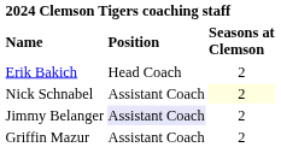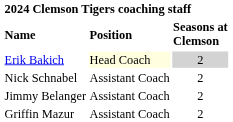 <table class="toccolours" style="text-align: left; font-size:90%;">
 <tr>
 <th colspan="9">2024 Clemson Tigers coaching staff</th>
 </tr>
 <tr>
 <th>Name</th>
 <th>Position</th>
 <th>Seasons at<br>Clemson</th>
 </tr>
 <tr>
 <td><a href='#'>Erik Bakich</a></td>
-<td>Head Coach</td>
-<td align=center>2</td>
+<td style="background: lightyellow;">Head Coach</td>
+<td align=center style="background: lightgrey;">2</td>
 </tr>
 <tr>
 <td>Nick Schnabel</td>
 <td>Assistant Coach</td>
-<td align=center style="background: lightyellow;">2</td>
+<td align=center>2</td>
 </tr>
 <tr>
 <td>Jimmy Belanger</td>
-<td style="background: lavender;">Assistant Coach</td>
+<td>Assistant Coach</td>
 <td align=center>2</td>
 </tr>
 <tr>
 <td>Griffin Mazur</td>
 <td>Assistant Coach</td>
 <td align=center>2</td>
 </tr>
 </table>
